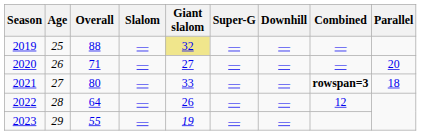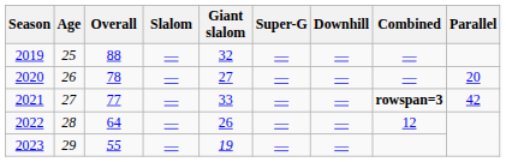 <table class=wikitable style="text-align:center">
 <tr>
 <th>Season</th>
 <th>Age</th>
 <th> Overall </th>
 <th> Slalom </th>
 <th>Giant<br> slalom </th>
 <th>Super-G</th>
 <th>Downhill</th>
 <th>Combined</th>
 <th>Parallel</th>
 </tr>
 <tr>
 <td><a href='#'>2019</a></td>
 <td><em>25</em></td>
 <td><a href='#'>88</a></td>
 <td><a href='#'>—</a></td>
-<td style="background: khaki;"><a href='#'>32</a></td>
+<td><a href='#'>32</a></td>
 <td><a href='#'>—</a></td>
 <td><a href='#'>—</a></td>
 <td><a href='#'>—</a></td>
 <td></td>
 </tr>
 <tr>
 <td><a href='#'>2020</a></td>
 <td><em>26</em></td>
-<td><a href='#'>71</a></td>
+<td><a href='#'>78</a></td>
 <td><a href='#'>—</a></td>
 <td><a href='#'>27</a></td>
 <td><a href='#'>—</a></td>
 <td><a href='#'>—</a></td>
 <td><a href='#'>—</a></td>
 <td><a href='#'>20</a></td>
 </tr>
 <tr>
 <td><a href='#'>2021</a></td>
 <td><em>27</em></td>
-<td><a href='#'>80</a></td>
+<td><a href='#'>77</a></td>
 <td><a href='#'>—</a></td>
 <td><a href='#'>33</a></td>
 <td><a href='#'>—</a></td>
 <td><a href='#'>—</a></td>
 <td><strong>rowspan=3 </strong></td>
-<td><a href='#'>18</a></td>
+<td><a href='#'>42</a></td>
 </tr>
 <tr>
 <td><a href='#'>2022</a></td>
 <td><em>28</em></td>
 <td><a href='#'>64</a></td>
 <td><a href='#'>—</a></td>
 <td><a href='#'>26</a></td>
 <td><a href='#'>—</a></td>
 <td><a href='#'>—</a></td>
 <td><a href='#'>12</a></td>
 </tr>
 <tr>
 <td><a href='#'>2023</a></td>
 <td><em>29</em></td>
 <td><em><a href='#'>55</a></em></td>
 <td><a href='#'>—</a></td>
 <td><em><a href='#'>19</a></em></td>
 <td><a href='#'>—</a></td>
 <td><a href='#'>—</a></td>
 <td></td>
 </tr>
 </table>
